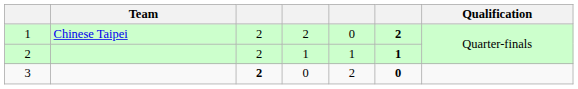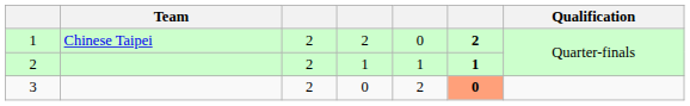 <table class=wikitable style="text-align:center" width=730>
 <tr>
 <th width=5.5%></th>
 <th width=22%>Team</th>
 <th width=5.5%></th>
 <th width=5.5%></th>
 <th width=5.5%></th>
 <th width=5.5%></th>
 <th width=18%>Qualification</th>
 </tr>
 <tr bgcolor=ccffcc>
 <td>1</td>
 <td style="text-align:left"> <a href='#'>Chinese Taipei</a></td>
 <td>2</td>
 <td>2</td>
 <td>0</td>
 <td><strong>2</strong></td>
 <td rowspan=2>Quarter-finals</td>
 </tr>
 <tr bgcolor=ccffcc>
 <td>2</td>
 <td style="text-align:left"></td>
 <td>2</td>
 <td>1</td>
 <td>1</td>
 <td><strong>1</strong></td>
 </tr>
 <tr>
 <td>3</td>
 <td style="text-align:left"></td>
-<td><strong>2</strong></td>
+<td>2</td>
 <td>0</td>
 <td>2</td>
-<td><strong>0</strong></td>
+<td style="background: lightsalmon;"><strong>0</strong></td>
 <td></td>
 </tr>
 </table>
